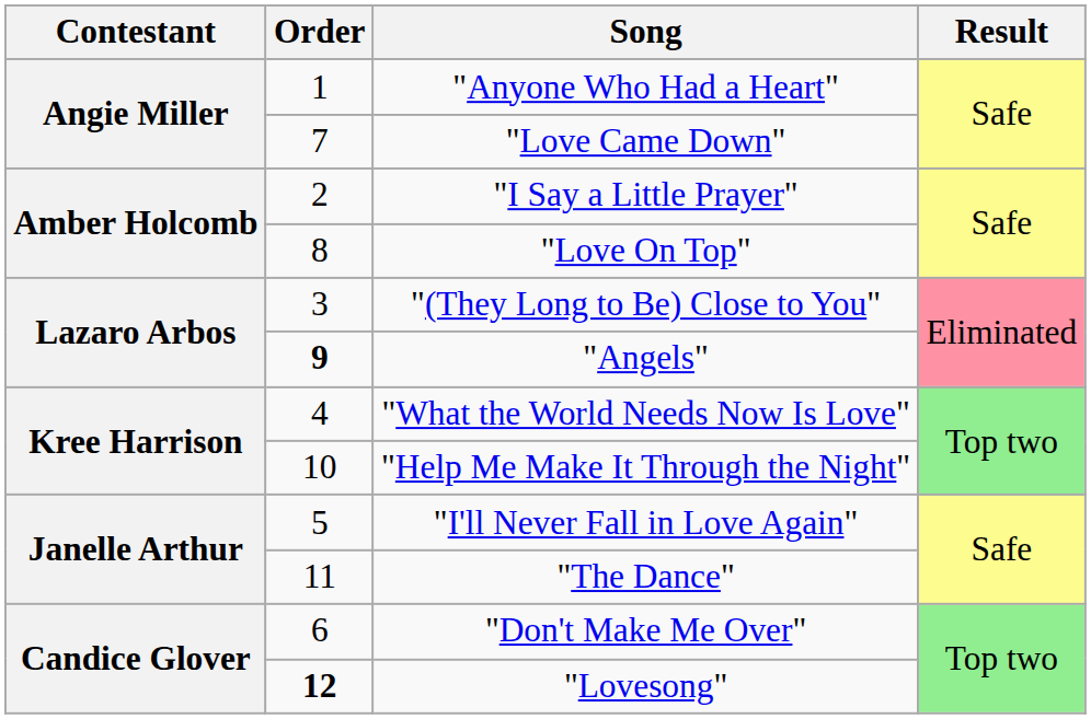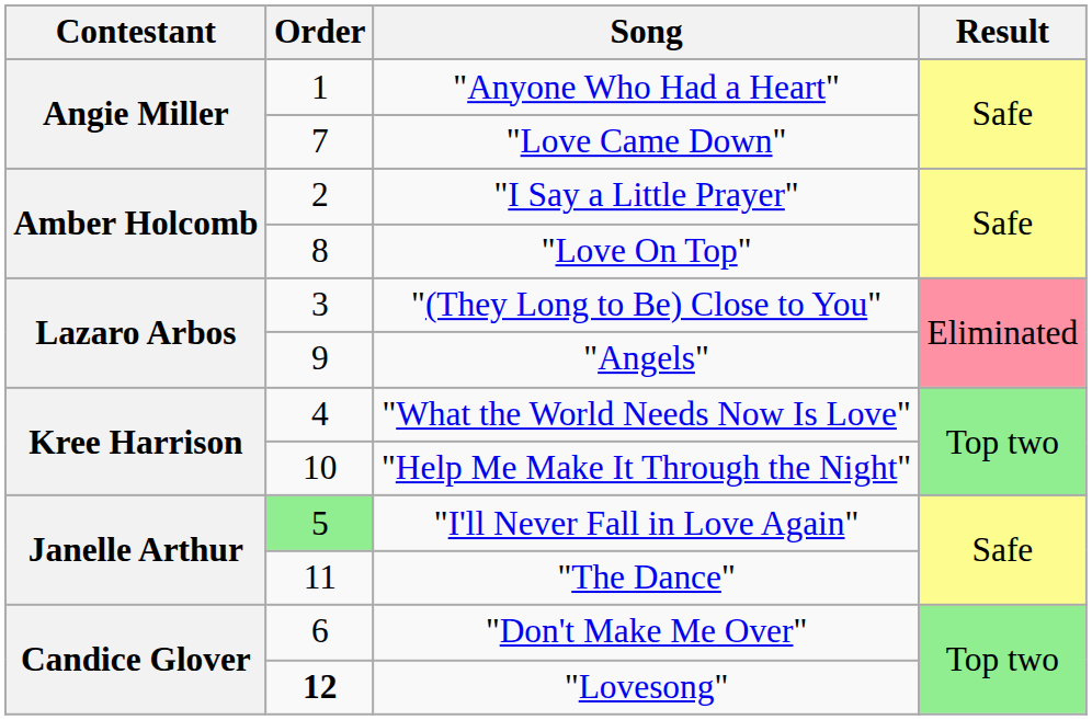 <table class="wikitable unsortable" style="text-align:center;">
 <tr>
 <th scope="col">Contestant</th>
 <th scope="col">Order</th>
 <th scope="col">Song</th>
 <th scope="col">Result</th>
 </tr>
 <tr>
 <th scope="row" rowspan="2">Angie Miller</th>
 <td>1</td>
 <td>"<a href='#'>Anyone Who Had a Heart</a>"</td>
 <td rowspan="2" style="background:#fdfc8f;">Safe</td>
 </tr>
 <tr>
 <td>7</td>
 <td>"<a href='#'>Love Came Down</a>"</td>
 </tr>
 <tr>
 <th scope="row" rowspan="2">Amber Holcomb</th>
 <td>2</td>
 <td>"<a href='#'>I Say a Little Prayer</a>"</td>
 <td rowspan="2" style="background:#fdfc8f;">Safe</td>
 </tr>
 <tr>
 <td>8</td>
 <td>"<a href='#'>Love On Top</a>"</td>
 </tr>
 <tr>
 <th scope="row" rowspan="2">Lazaro Arbos</th>
 <td>3</td>
 <td>"<a href='#'>(They Long to Be) Close to You</a>"</td>
 <td rowspan="2" bgcolor="FF91A4">Eliminated</td>
 </tr>
 <tr>
-<td><strong>9</strong></td>
+<td>9</td>
 <td>"<a href='#'>Angels</a>"</td>
 </tr>
 <tr>
 <th scope="row" rowspan="2">Kree Harrison</th>
 <td>4</td>
 <td>"<a href='#'>What the World Needs Now Is Love</a>"</td>
 <td rowspan="2" bgcolor="lightgreen">Top two</td>
 </tr>
 <tr>
 <td>10</td>
 <td>"<a href='#'>Help Me Make It Through the Night</a>"</td>
 </tr>
 <tr>
 <th scope="row" rowspan="2">Janelle Arthur</th>
-<td>5</td>
+<td style="background: lightgreen;">5</td>
 <td>"<a href='#'>I'll Never Fall in Love Again</a>"</td>
 <td rowspan="2" style="background:#fdfc8f;">Safe</td>
 </tr>
 <tr>
 <td>11</td>
 <td>"<a href='#'>The Dance</a>"</td>
 </tr>
 <tr>
 <th scope="row" rowspan="2">Candice Glover</th>
 <td>6</td>
 <td>"<a href='#'>Don't Make Me Over</a>"</td>
 <td rowspan="2" bgcolor="lightgreen">Top two</td>
 </tr>
 <tr>
 <td><strong>12</strong></td>
 <td>"<a href='#'>Lovesong</a>"</td>
 </tr>
 </table>
